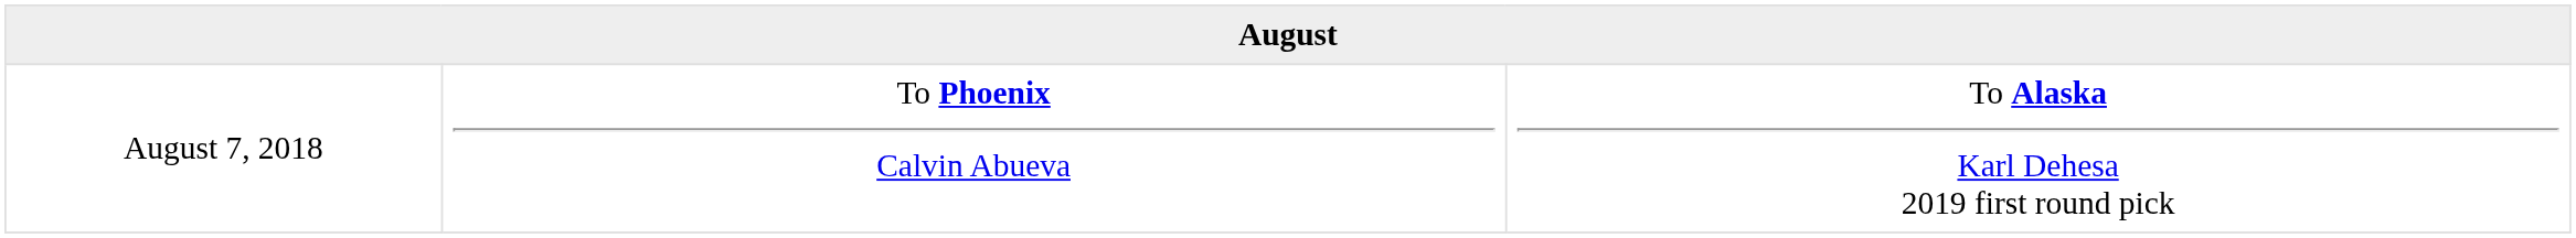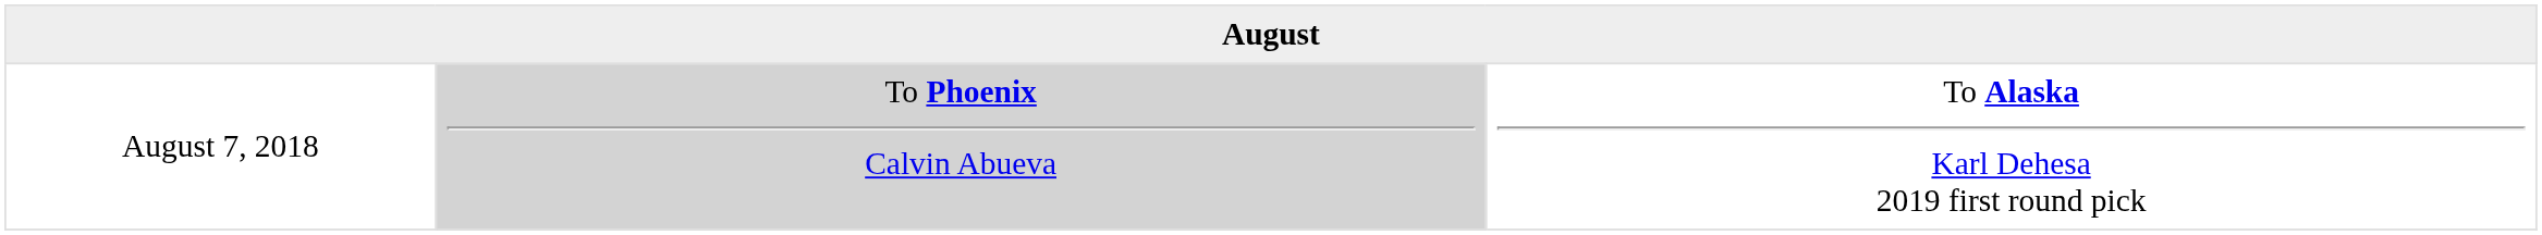 <table border=1 style="border-collapse:collapse; text-align: center; width: 100%" bordercolor="#DFDFDF"  cellpadding="5">
 <tr bgcolor="eeeeee">
 <th style="" colspan=4>August</th>
 </tr>
 <tr>
 <td style="width:12%">August 7, 2018 </td>
-<td style="width:29.3%" valign="top">To <strong><a href='#'>Phoenix</a></strong> <hr> <a href='#'>Calvin Abueva</a></td>
+<td style="background: lightgrey; width:29.3%" valign="top">To <strong><a href='#'>Phoenix</a></strong> <hr> <a href='#'>Calvin Abueva</a></td>
 <td style="width:29.3%" valign="top">To <strong><a href='#'>Alaska</a></strong> <hr> <a href='#'>Karl Dehesa</a> <br> 2019 first round pick</td>
 </tr>
 </table>
